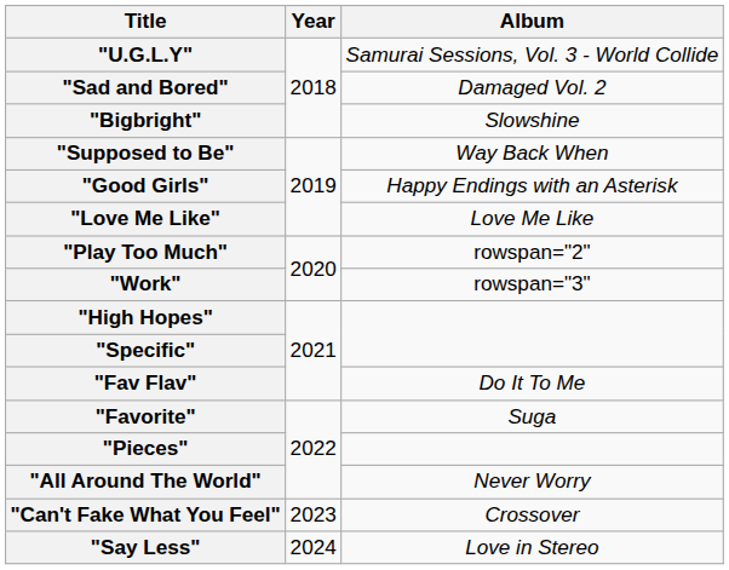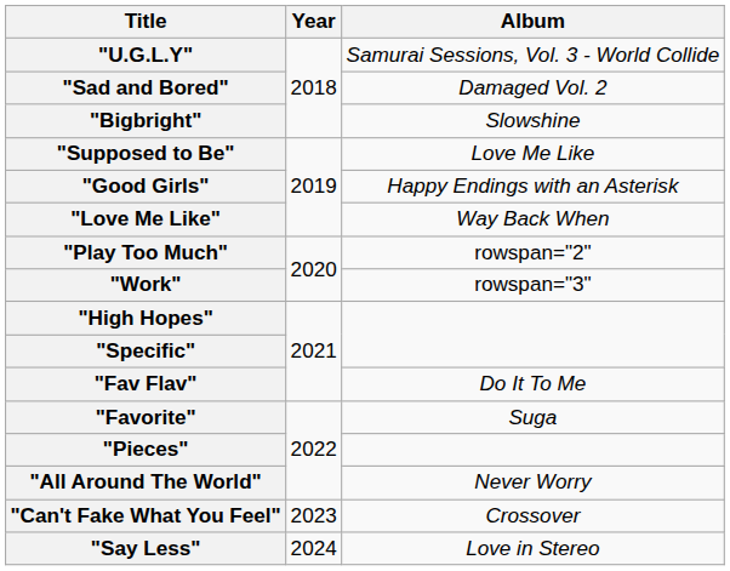 <table class="wikitable plainrowheaders" style="text-align:center;">
 <tr>
 <th>Title</th>
 <th>Year</th>
 <th>Album</th>
 </tr>
 <tr>
 <th scope="row">"U.G.L.Y"<br></th>
 <td rowspan="3">2018</td>
 <td><em>Samurai Sessions, Vol. 3 - World Collide</em></td>
 </tr>
 <tr>
 <th scope="row">"Sad and Bored"<br></th>
 <td><em>Damaged Vol. 2</em></td>
 </tr>
 <tr>
 <th scope="row">"Bigbright"<br></th>
 <td><em>Slowshine</em></td>
 </tr>
 <tr>
 <th scope="row">"Supposed to Be"<br></th>
 <td rowspan="3">2019</td>
-<td><em>Way Back When</em></td>
+<td><em>Love Me Like</em></td>
 </tr>
 <tr>
 <th scope="row">"Good Girls"<br></th>
 <td><em>Happy Endings with an Asterisk</em></td>
 </tr>
 <tr>
 <th scope="row">"Love Me Like"<br></th>
-<td><em>Love Me Like</em></td>
+<td><em>Way Back When</em></td>
 </tr>
 <tr>
 <th scope="row">"Play Too Much"<br></th>
 <td rowspan="2">2020</td>
 <td>rowspan="2" </td>
 </tr>
 <tr>
 <th scope="row">"Work"<br></th>
 <td>rowspan="3" </td>
 </tr>
 <tr>
 <th scope="row">"High Hopes"<br></th>
 <td rowspan="3">2021</td>
 </tr>
 <tr>
 <th scope="row">"Specific"<br></th>
 </tr>
 <tr>
 <th scope="row">"Fav Flav"<br></th>
 <td><em>Do It To Me</em></td>
 </tr>
 <tr>
 <th scope="row">"Favorite"<br></th>
 <td rowspan="3">2022</td>
 <td><em>Suga</em> </td>
 </tr>
 <tr>
 <th scope="row">"Pieces"<br></th>
 </tr>
 <tr>
 <th scope="row">"All Around The World"<br></th>
 <td><em>Never Worry</em></td>
 </tr>
 <tr>
 <th scope="row">"Can't Fake What You Feel"<br></th>
 <td>2023</td>
 <td><em>Crossover</em></td>
 </tr>
 <tr>
 <th scope="row">"Say Less"<br></th>
 <td>2024</td>
 <td><em>Love in Stereo</em></td>
 </tr>
 </table>
